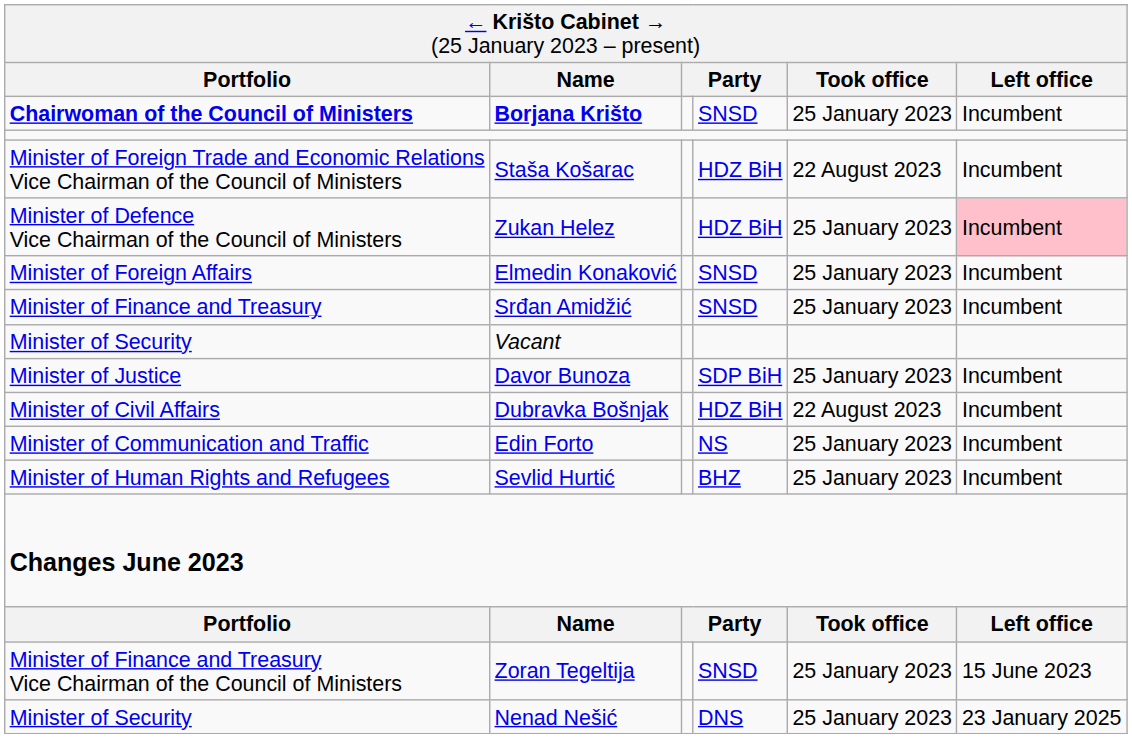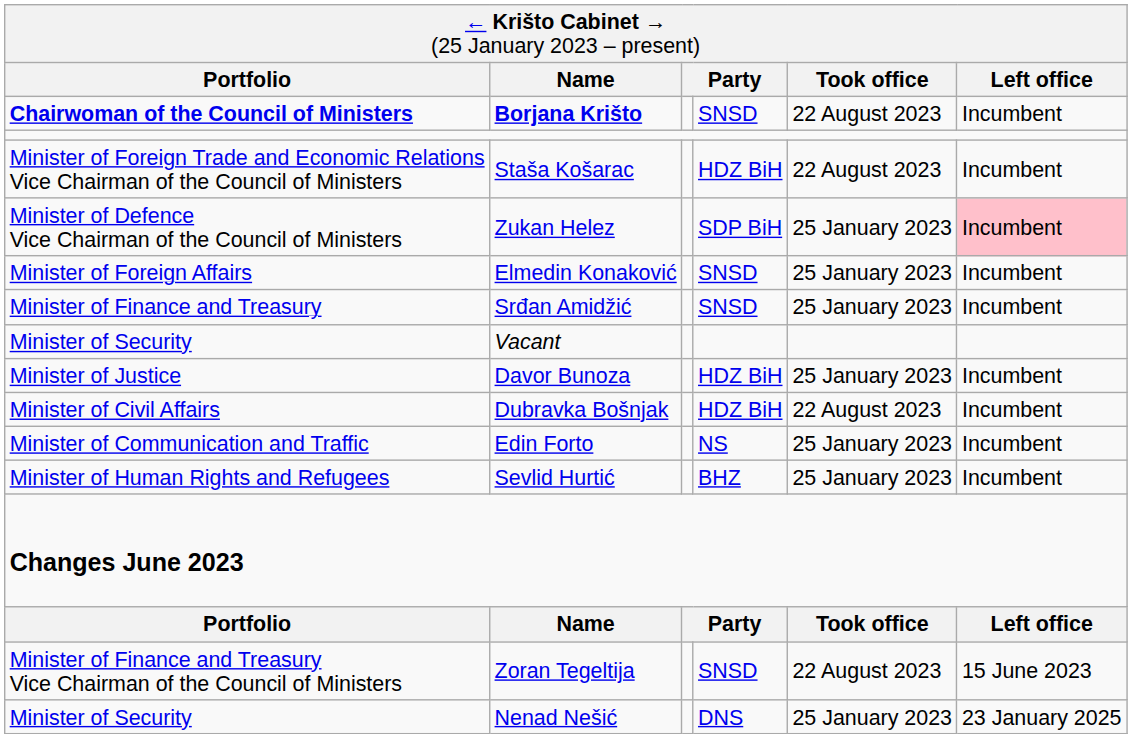 <table class="wikitable" style="font-size:95%;">
 <tr>
 <td colspan="7" bgcolor="#F2F2F2" align="center"><a href='#'>←</a> <strong>Krišto Cabinet</strong> → <br> (25 January 2023 – present)</td>
 </tr>
 <tr>
 <th>Portfolio</th>
 <th>Name</th>
 <th colspan="2">Party</th>
 <th>Took office</th>
 <th>Left office</th>
 </tr>
 <tr>
 <td><strong><a href='#'>Chairwoman of the Council of Ministers</a></strong></td>
 <td><strong><a href='#'>Borjana Krišto</a></strong></td>
 <td width="1" style="background-color:"></td>
 <td><a href='#'>SNSD</a></td>
-<td>25 January 2023</td>
+<td>22 August 2023</td>
 <td>Incumbent</td>
 </tr>
 <tr>
 <td colspan="7"></td>
 </tr>
 <tr>
 <td><a href='#'>Minister of Foreign Trade and Economic Relations</a> <br> Vice Chairman of the Council of Ministers</td>
 <td><a href='#'>Staša Košarac</a></td>
 <td width="1" style="background-color:"></td>
 <td><a href='#'>HDZ BiH</a></td>
 <td>22 August 2023</td>
 <td>Incumbent</td>
 </tr>
 <tr>
 <td><a href='#'>Minister of Defence</a> <br> Vice Chairman of the Council of Ministers</td>
 <td><a href='#'>Zukan Helez</a></td>
 <td width="1" style="background-color:"></td>
-<td><a href='#'>HDZ BiH</a></td>
+<td><a href='#'>SDP BiH</a></td>
 <td>25 January 2023</td>
 <td style="background: pink;">Incumbent</td>
 </tr>
 <tr>
 <td><a href='#'>Minister of Foreign Affairs</a></td>
 <td><a href='#'>Elmedin Konaković</a></td>
 <td width="1" style="background-color:"></td>
 <td><a href='#'>SNSD</a></td>
 <td>25 January 2023</td>
 <td>Incumbent</td>
 </tr>
 <tr>
 <td><a href='#'>Minister of Finance and Treasury</a></td>
 <td><a href='#'>Srđan Amidžić</a></td>
 <td width="1" style="background-color:"></td>
 <td><a href='#'>SNSD</a></td>
 <td>25 January 2023</td>
 <td>Incumbent</td>
 </tr>
 <tr>
 <td><a href='#'>Minister of Security</a></td>
 <td><em>Vacant</em></td>
 <td></td>
 <td></td>
 <td></td>
 <td></td>
 </tr>
 <tr>
 <td><a href='#'>Minister of Justice</a></td>
 <td><a href='#'>Davor Bunoza</a></td>
 <td width="1" style="background-color:"></td>
-<td><a href='#'>SDP BiH</a></td>
+<td><a href='#'>HDZ BiH</a></td>
 <td>25 January 2023</td>
 <td>Incumbent</td>
 </tr>
 <tr>
 <td><a href='#'>Minister of Civil Affairs</a></td>
 <td><a href='#'>Dubravka Bošnjak</a></td>
 <td width="1" style="background-color:"></td>
 <td><a href='#'>HDZ BiH</a></td>
 <td>22 August 2023</td>
 <td>Incumbent</td>
 </tr>
 <tr>
 <td><a href='#'>Minister of Communication and Traffic</a></td>
 <td><a href='#'>Edin Forto</a></td>
 <td width="1" style="background-color:"></td>
 <td><a href='#'>NS</a></td>
 <td>25 January 2023</td>
 <td>Incumbent</td>
 </tr>
 <tr>
 <td><a href='#'>Minister of Human Rights and Refugees</a></td>
 <td><a href='#'>Sevlid Hurtić</a></td>
 <td width="1" style="background-color:"></td>
 <td><a href='#'>BHZ</a></td>
 <td>25 January 2023</td>
 <td>Incumbent</td>
 </tr>
 <tr>
 <td colspan="7"><br><h3>Changes June 2023</h3></td>
 </tr>
 <tr>
 <th>Portfolio</th>
 <th>Name</th>
 <th colspan="2">Party</th>
 <th>Took office</th>
 <th>Left office</th>
 </tr>
 <tr>
 <td><a href='#'>Minister of Finance and Treasury</a> <br> Vice Chairman of the Council of Ministers</td>
 <td><a href='#'>Zoran Tegeltija</a></td>
 <td width="1" style="background-color:"></td>
 <td><a href='#'>SNSD</a></td>
-<td>25 January 2023</td>
+<td>22 August 2023</td>
 <td>15 June 2023</td>
 </tr>
 <tr>
 <td><a href='#'>Minister of Security</a></td>
 <td><a href='#'>Nenad Nešić</a></td>
 <td width="1" style="background-color:"></td>
 <td><a href='#'>DNS</a></td>
 <td>25 January 2023</td>
 <td>23 January 2025</td>
 </tr>
 </table>
